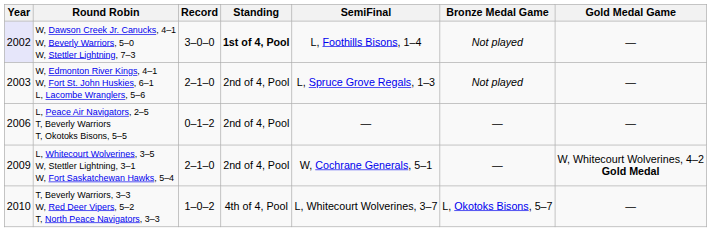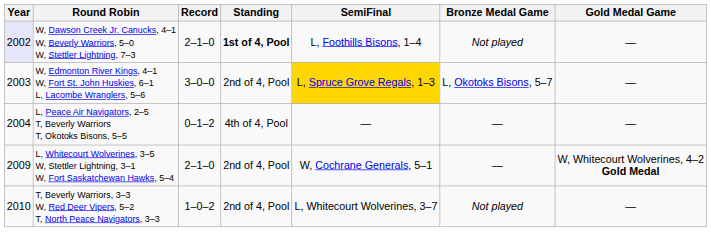 <table class="wikitable" style="text-align:center">
 <tr>
 <th>Year</th>
 <th>Round Robin</th>
 <th>Record</th>
 <th>Standing</th>
 <th>SemiFinal</th>
 <th>Bronze Medal Game</th>
 <th>Gold Medal Game</th>
 </tr>
 <tr>
 <td style="background: lavender;">2002</td>
 <td align=left><small> W, <a href='#'>Dawson Creek Jr. Canucks</a>, 4–1<br>W, <a href='#'>Beverly Warriors</a>, 5–0<br>W, <a href='#'>Stettler Lightning</a>, 7–3</small></td>
-<td>3–0–0</td>
+<td>2–1–0</td>
 <td><strong>1st of 4, Pool</strong></td>
 <td>L, <a href='#'>Foothills Bisons</a>, 1–4</td>
 <td><em>Not played</em></td>
 <td>—</td>
 </tr>
 <tr>
 <td>2003</td>
 <td align=left><small> W, <a href='#'>Edmonton River Kings</a>, 4–1<br>W, <a href='#'>Fort St. John Huskies</a>, 6–1<br>L, <a href='#'>Lacombe Wranglers</a>, 5–6</small></td>
-<td>2–1–0</td>
+<td>3–0–0</td>
 <td>2nd of 4, Pool</td>
-<td>L, <a href='#'>Spruce Grove Regals</a>, 1–3</td>
-<td><em>Not played</em></td>
+<td style="background: gold;">L, <a href='#'>Spruce Grove Regals</a>, 1–3</td>
+<td>L, <a href='#'>Okotoks Bisons</a>, 5–7</td>
 <td>—</td>
 </tr>
 <tr>
-<td>2006</td>
+<td>2004</td>
 <td align=left><small> L, <a href='#'>Peace Air Navigators</a>, 2–5<br>T, Beverly Warriors<br>T, Okotoks Bisons, 5–5</small></td>
 <td>0–1–2</td>
-<td>2nd of 4, Pool</td>
+<td>4th of 4, Pool</td>
 <td>—</td>
 <td>—</td>
 <td>—</td>
 </tr>
 <tr>
 <td>2009</td>
 <td align=left><small> L, <a href='#'>Whitecourt Wolverines</a>, 3–5<br>W, Stettler Lightning, 3–1<br>W, <a href='#'>Fort Saskatchewan Hawks</a>, 5–4</small></td>
 <td>2–1–0</td>
 <td>2nd of 4, Pool</td>
 <td>W, <a href='#'>Cochrane Generals</a>, 5–1</td>
 <td>—</td>
 <td>W, Whitecourt Wolverines, 4–2<br><strong>Gold Medal</strong></td>
 </tr>
 <tr>
 <td>2010</td>
 <td align=left><small> T, Beverly Warriors, 3–3<br>W, <a href='#'>Red Deer Vipers</a>, 5–2<br>T, <a href='#'>North Peace Navigators</a>, 3–3</small></td>
 <td>1–0–2</td>
-<td>4th of 4, Pool</td>
+<td>2nd of 4, Pool</td>
 <td>L, Whitecourt Wolverines, 3–7</td>
-<td>L, <a href='#'>Okotoks Bisons</a>, 5–7</td>
+<td><em>Not played</em></td>
 <td>—</td>
 </tr>
 </table>
